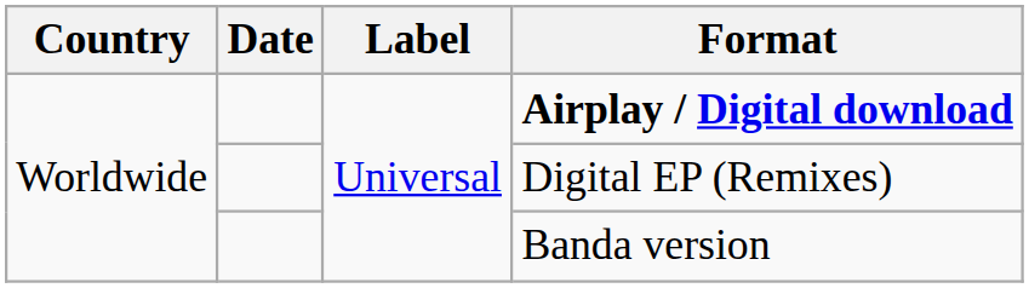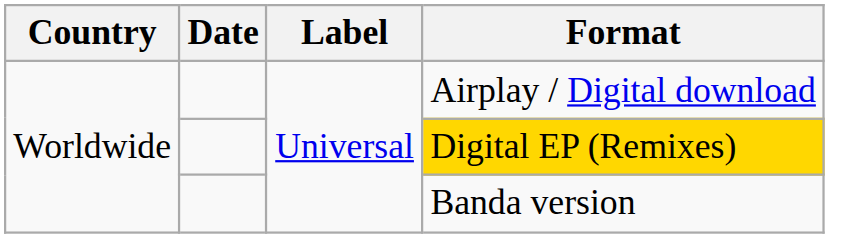 <table class="wikitable">
 <tr>
 <th>Country</th>
 <th>Date</th>
 <th>Label</th>
 <th>Format</th>
 </tr>
 <tr>
 <td rowspan="3">Worldwide</td>
 <td></td>
 <td rowspan="3"><a href='#'>Universal</a></td>
-<td><strong>Airplay / <a href='#'>Digital download</a></strong></td>
+<td>Airplay / <a href='#'>Digital download</a></td>
 </tr>
 <tr>
 <td></td>
-<td>Digital EP (Remixes)</td>
+<td style="background: gold;">Digital EP (Remixes)</td>
 </tr>
 <tr>
 <td></td>
 <td>Banda version</td>
 </tr>
 </table>
